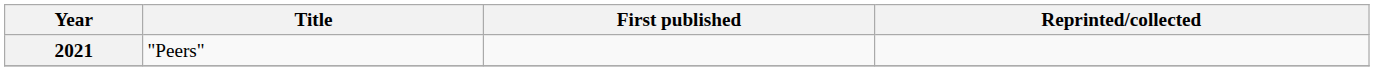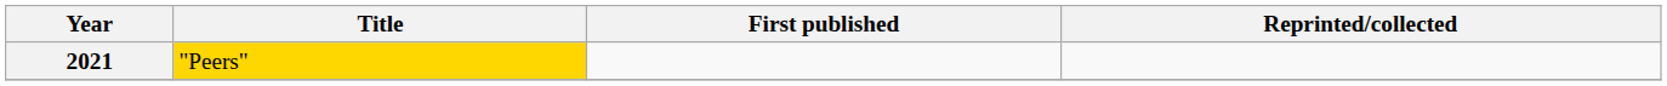 <table class="wikitable sortable" width="90%">
 <tr>
 <th>Year</th>
 <th width="25%">Title</th>
 <th>First published</th>
 <th>Reprinted/collected</th>
 </tr>
 <tr>
 <th>2021</th>
-<td>"Peers"</td>
+<td style="background: gold;">"Peers"</td>
 <td></td>
 <td></td>
 </tr>
 <tr>
 </tr>
 </table>
